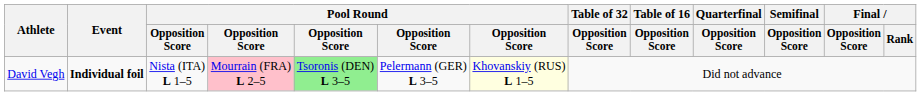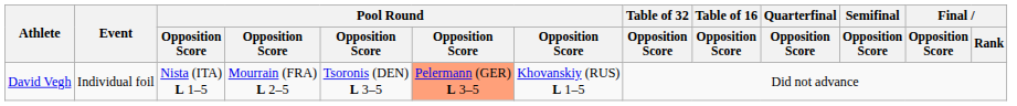 <table class="wikitable" style="font-size:90%">
 <tr>
 <th rowspan="2">Athlete</th>
 <th rowspan="2">Event</th>
 <th colspan="5">Pool Round</th>
 <th>Table of 32</th>
 <th>Table of 16</th>
 <th>Quarterfinal</th>
 <th>Semifinal</th>
 <th colspan=2>Final / </th>
 </tr>
 <tr style="font-size:95%">
 <th>Opposition <br> Score</th>
 <th>Opposition <br> Score</th>
 <th>Opposition <br> Score</th>
 <th>Opposition <br> Score</th>
 <th>Opposition <br> Score</th>
 <th>Opposition <br> Score</th>
 <th>Opposition <br> Score</th>
 <th>Opposition <br> Score</th>
 <th>Opposition <br> Score</th>
 <th>Opposition <br> Score</th>
 <th>Rank</th>
 </tr>
 <tr align=center>
 <td align=left><a href='#'>David Vegh</a></td>
-<td align=left><strong>Individual foil</strong></td>
+<td align=left>Individual foil</td>
 <td> <a href='#'>Nista</a> (ITA) <br><strong>L</strong> 1–5</td>
-<td style="background: pink;"> <a href='#'>Mourrain</a> (FRA) <br><strong>L</strong> 2–5</td>
-<td style="background: lightgreen;"> <a href='#'>Tsoronis</a> (DEN) <br><strong>L</strong> 3–5</td>
-<td> <a href='#'>Pelermann</a> (GER) <br><strong>L</strong> 3–5</td>
-<td style="background: lightyellow;"> <a href='#'>Khovanskiy</a> (RUS) <br><strong>L</strong> 1–5</td>
+<td> <a href='#'>Mourrain</a> (FRA) <br><strong>L</strong> 2–5</td>
+<td> <a href='#'>Tsoronis</a> (DEN) <br><strong>L</strong> 3–5</td>
+<td style="background: lightsalmon;"> <a href='#'>Pelermann</a> (GER) <br><strong>L</strong> 3–5</td>
+<td> <a href='#'>Khovanskiy</a> (RUS) <br><strong>L</strong> 1–5</td>
 <td colspan=10>Did not advance</td>
 </tr>
 </table>
